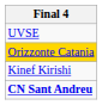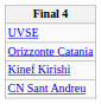 <table class="wikitable">
 <tr>
 <th colspan="5">Final 4</th>
 </tr>
 <tr>
 <td> <a href='#'>UVSE</a></td>
 </tr>
 <tr>
-<td style="background: gold;"> <a href='#'>Orizzonte Catania</a></td>
+<td> <a href='#'>Orizzonte Catania</a></td>
 </tr>
 <tr>
 <td> <a href='#'>Kinef Kirishi</a></td>
 </tr>
 <tr>
-<td><strong> <a href='#'>CN Sant Andreu</a></strong></td>
+<td> <a href='#'>CN Sant Andreu</a></td>
 </tr>
 </table>
